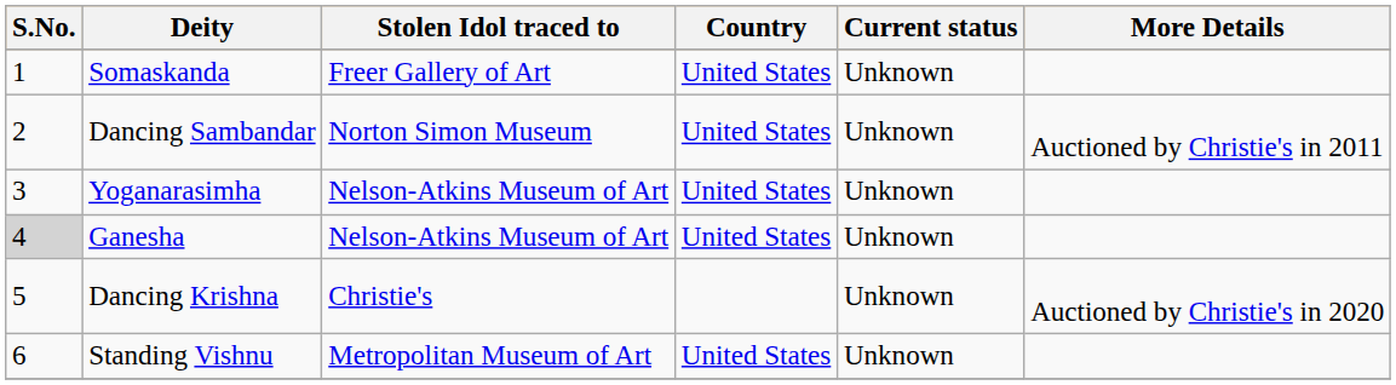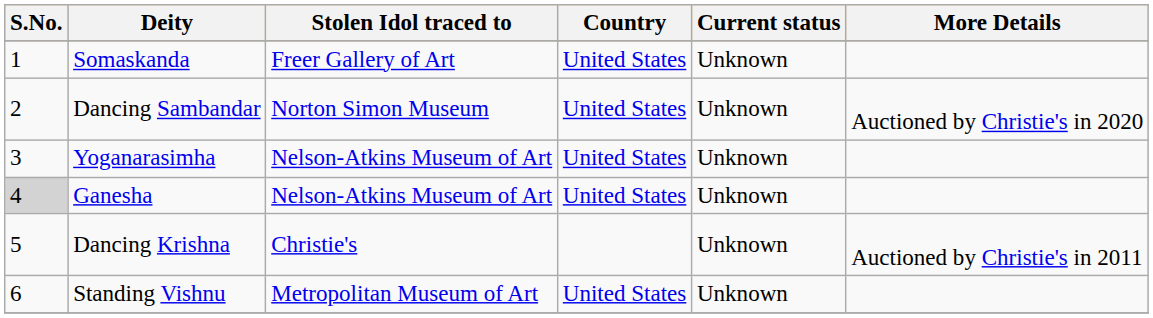 <table class="wikitable" sortable>
 <tr style="background:#FFC569">
 <th scope="col">S.No.</th>
 <th scope="col">Deity</th>
 <th scope="col">Stolen Idol traced to</th>
 <th scope="col">Country</th>
 <th scope="col">Current status</th>
 <th scope="col">More Details</th>
 </tr>
 <tr align="center">
 </tr>
 <tr style="background:#ffe;">
 </tr>
 <tr>
 <td>1</td>
 <td><a href='#'>Somaskanda</a></td>
 <td><a href='#'>Freer Gallery of Art</a></td>
 <td><a href='#'>United States</a></td>
 <td>Unknown</td>
 <td></td>
 </tr>
 <tr>
 <td>2</td>
 <td>Dancing <a href='#'>Sambandar</a></td>
 <td><a href='#'>Norton Simon Museum</a></td>
 <td><a href='#'>United States</a></td>
 <td>Unknown</td>
-<td><br>Auctioned by <a href='#'>Christie's</a> in 2011</td>
+<td><br>Auctioned by <a href='#'>Christie's</a> in 2020</td>
 </tr>
 <tr>
 <td>3</td>
 <td><a href='#'>Yoganarasimha</a></td>
 <td><a href='#'>Nelson-Atkins Museum of Art</a></td>
 <td><a href='#'>United States</a></td>
 <td>Unknown</td>
 <td></td>
 </tr>
 <tr>
 <td style="background: lightgrey;">4</td>
 <td><a href='#'>Ganesha</a></td>
 <td><a href='#'>Nelson-Atkins Museum of Art</a></td>
 <td><a href='#'>United States</a></td>
 <td>Unknown</td>
 <td></td>
 </tr>
 <tr>
 <td>5</td>
 <td>Dancing <a href='#'>Krishna</a></td>
 <td><a href='#'>Christie's</a></td>
 <td></td>
 <td>Unknown</td>
-<td><br>Auctioned by <a href='#'>Christie's</a> in 2020</td>
+<td><br>Auctioned by <a href='#'>Christie's</a> in 2011</td>
 </tr>
 <tr>
 <td>6</td>
 <td>Standing <a href='#'>Vishnu</a></td>
 <td><a href='#'>Metropolitan Museum of Art</a></td>
 <td><a href='#'>United States</a></td>
 <td>Unknown</td>
 <td></td>
 </tr>
 <tr>
 </tr>
 </table>
